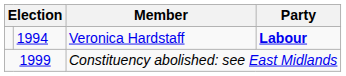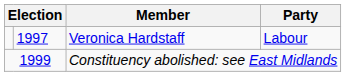 <table class="wikitable">
 <tr>
 <th colspan="2">Election</th>
 <th>Member</th>
 <th>Party</th>
 </tr>
 <tr>
 <td style="background-color: "></td>
-<td><a href='#'>1994</a></td>
+<td><a href='#'>1997</a></td>
 <td><a href='#'>Veronica Hardstaff</a></td>
-<td><strong><a href='#'>Labour</a></strong></td>
+<td><a href='#'>Labour</a></td>
 </tr>
 <tr>
 <td colspan="2" align="center"><a href='#'>1999</a></td>
 <td colspan="2"><em>Constituency abolished: see <a href='#'>East Midlands</a></em></td>
 </tr>
 </table>
